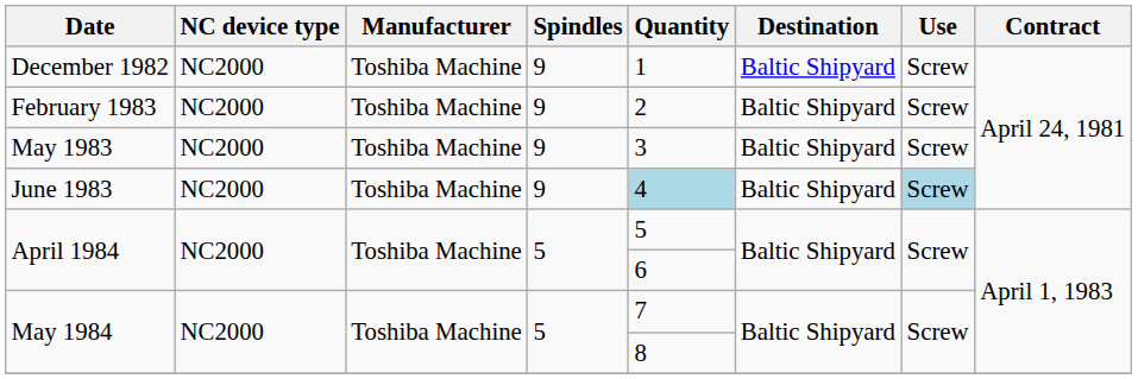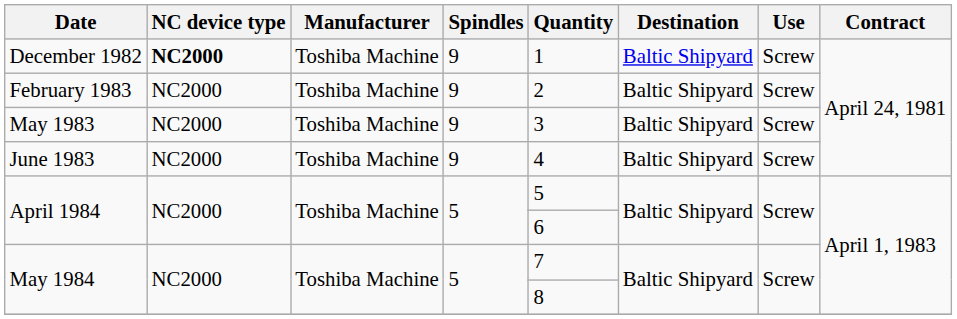 <table class="wikitable" style="font-size: 95%;">
 <tr>
 <th>Date</th>
 <th>NC device type</th>
 <th>Manufacturer</th>
 <th>Spindles</th>
 <th>Quantity</th>
 <th>Destination</th>
 <th>Use</th>
 <th>Contract</th>
 </tr>
 <tr>
 <td>December 1982</td>
-<td>NC2000</td>
+<td><strong>NC2000</strong></td>
 <td>Toshiba Machine</td>
 <td>9</td>
 <td>1</td>
 <td><a href='#'>Baltic Shipyard</a></td>
 <td>Screw</td>
 <td rowspan="4">April 24, 1981</td>
 </tr>
 <tr>
 <td>February 1983</td>
 <td>NC2000</td>
 <td>Toshiba Machine</td>
 <td>9</td>
 <td>2</td>
 <td>Baltic Shipyard</td>
 <td>Screw</td>
 </tr>
 <tr>
 <td>May 1983</td>
 <td>NC2000</td>
 <td>Toshiba Machine</td>
 <td>9</td>
 <td>3</td>
 <td>Baltic Shipyard</td>
 <td>Screw</td>
 </tr>
 <tr>
 <td>June 1983</td>
 <td>NC2000</td>
 <td>Toshiba Machine</td>
 <td>9</td>
-<td style="background: lightblue;">4</td>
+<td>4</td>
 <td>Baltic Shipyard</td>
-<td style="background: lightblue;">Screw</td>
+<td>Screw</td>
 </tr>
 <tr>
 <td rowspan="2">April 1984</td>
 <td rowspan="2">NC2000</td>
 <td rowspan="2">Toshiba Machine</td>
 <td rowspan="2">5</td>
 <td>5</td>
 <td rowspan="2">Baltic Shipyard</td>
 <td rowspan="2">Screw</td>
 <td rowspan="4">April 1, 1983</td>
 </tr>
 <tr>
 <td>6</td>
 </tr>
 <tr>
 <td rowspan="2">May 1984</td>
 <td rowspan="2">NC2000</td>
 <td rowspan="2">Toshiba Machine</td>
 <td rowspan="2">5</td>
 <td>7</td>
 <td rowspan="2">Baltic Shipyard</td>
 <td rowspan="2">Screw</td>
 </tr>
 <tr>
 <td>8</td>
 </tr>
 <tr>
 </tr>
 </table>
